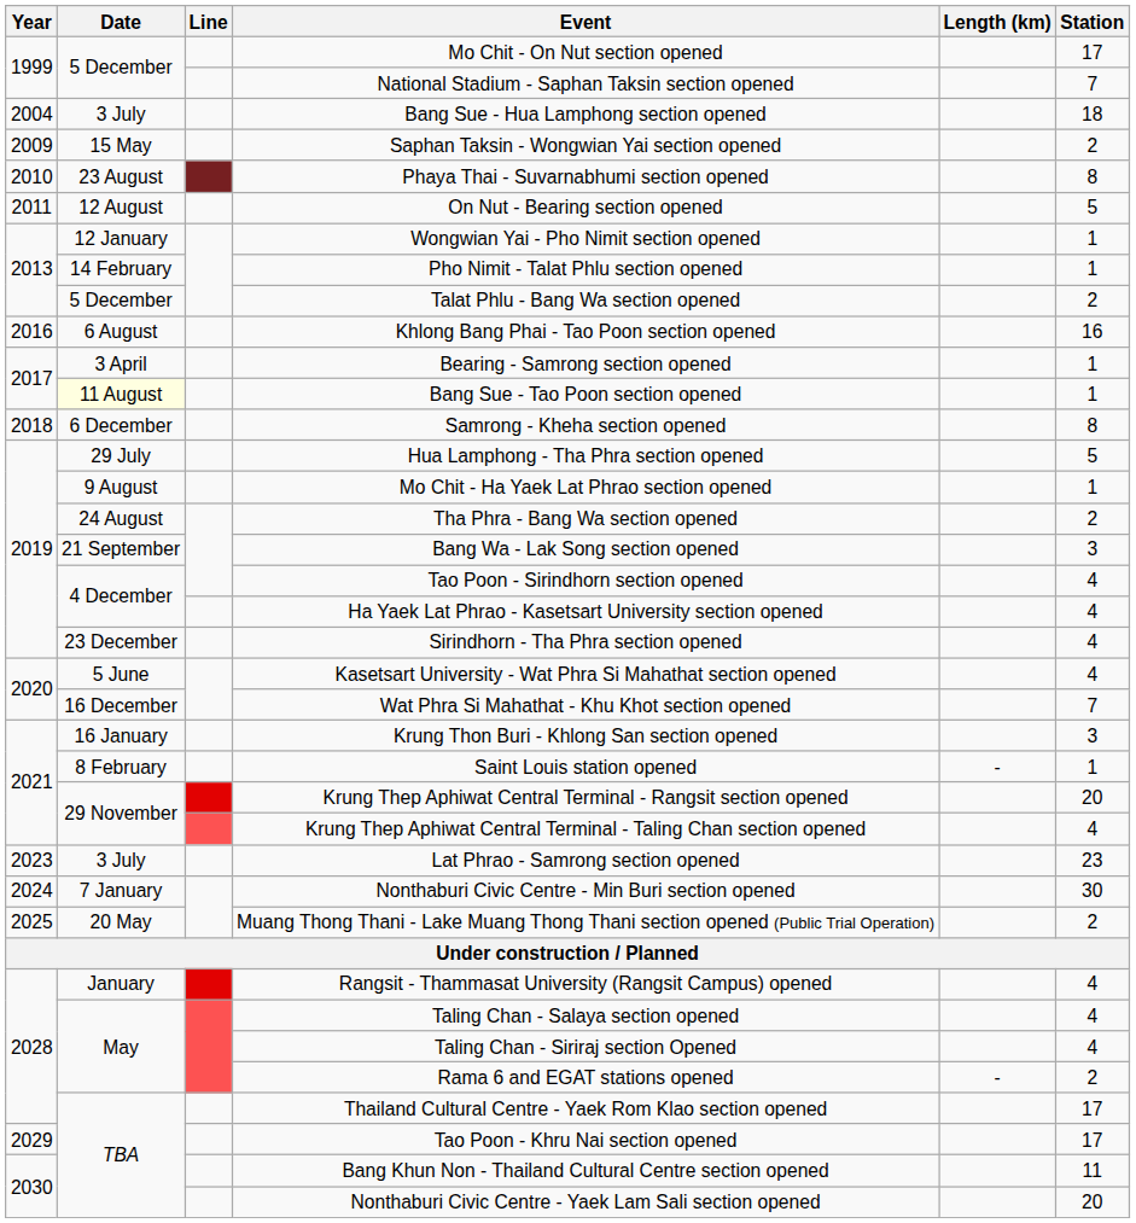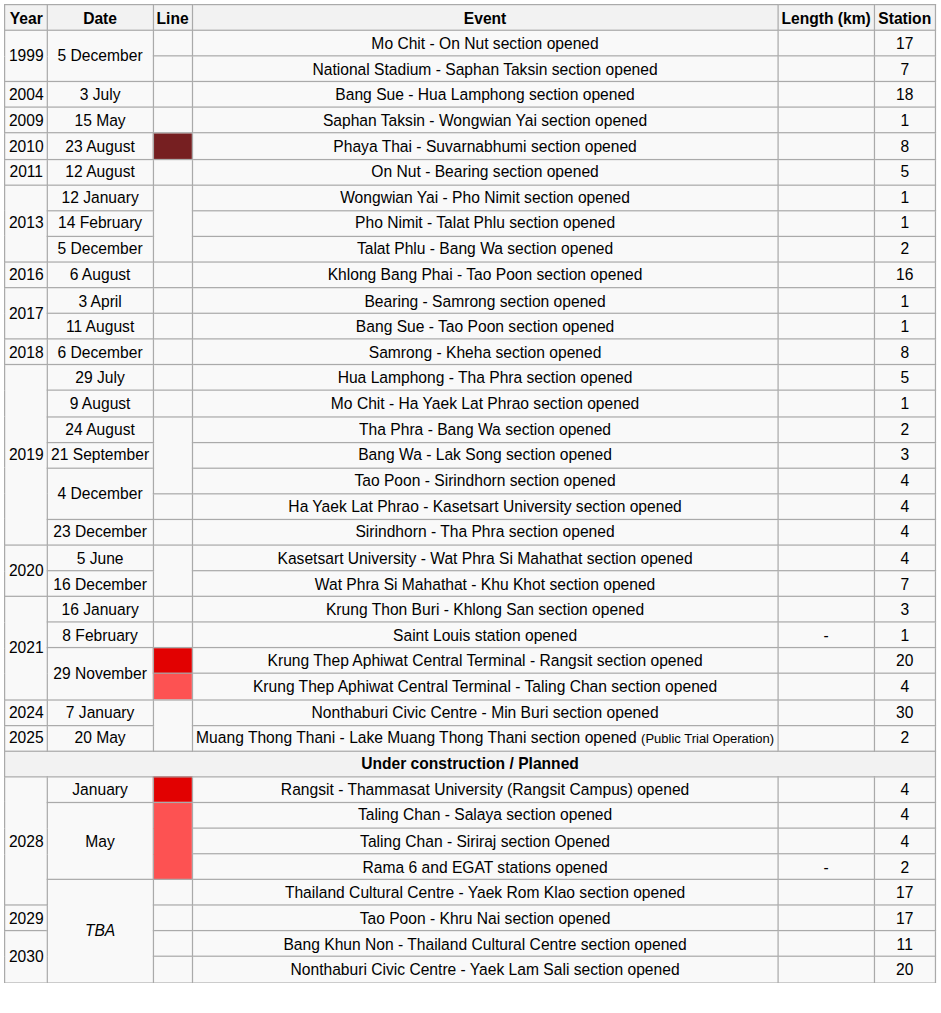 <table class="wikitable mw-collapsible mw-collapsed" style="margin:auto;font-align:center;text-align:center;font-size:80%;">
 <tr>
 <th>Year</th>
 <th>Date</th>
 <th>Line</th>
 <th>Event</th>
 <th>Length (km)</th>
 <th>Station</th>
 </tr>
 <tr>
 <td rowspan="2">1999</td>
 <td rowspan="2">5 December</td>
 <td style="background:#"><strong><a href='#'></a></strong></td>
 <td>Mo Chit - On Nut section opened</td>
 <td></td>
 <td>17</td>
 </tr>
 <tr>
 <td style="background:#"><strong><a href='#'></a></strong></td>
 <td>National Stadium - Saphan Taksin section opened</td>
 <td></td>
 <td>7</td>
 </tr>
 <tr>
 <td>2004</td>
 <td>3 July</td>
 <td style="background:#"><strong><a href='#'></a></strong></td>
 <td>Bang Sue - Hua Lamphong section opened</td>
 <td></td>
 <td>18</td>
 </tr>
 <tr>
 <td>2009</td>
 <td>15 May</td>
 <td style="background:#"><strong><a href='#'></a></strong></td>
 <td>Saphan Taksin - Wongwian Yai section opened</td>
 <td></td>
-<td>2</td>
+<td>1</td>
 </tr>
 <tr>
 <td>2010</td>
 <td>23 August</td>
 <td style="background:#761f21"><strong><a href='#'></a></strong></td>
 <td>Phaya Thai - Suvarnabhumi section opened</td>
 <td></td>
 <td>8</td>
 </tr>
 <tr>
 <td>2011</td>
 <td>12 August</td>
 <td style="background:#"><strong><a href='#'></a></strong></td>
 <td>On Nut - Bearing section opened</td>
 <td></td>
 <td>5</td>
 </tr>
 <tr>
 <td rowspan="3">2013</td>
 <td>12 January</td>
 <td rowspan="3" style="background:#"><strong><a href='#'></a></strong></td>
 <td>Wongwian Yai - Pho Nimit section opened</td>
 <td></td>
 <td>1</td>
 </tr>
 <tr>
 <td>14 February</td>
 <td>Pho Nimit - Talat Phlu section opened</td>
 <td></td>
 <td>1</td>
 </tr>
 <tr>
 <td>5 December</td>
 <td>Talat Phlu - Bang Wa section opened</td>
 <td></td>
 <td>2</td>
 </tr>
 <tr>
 <td>2016</td>
 <td>6 August</td>
 <td style="background:#"><strong><a href='#'></a></strong></td>
 <td>Khlong Bang Phai - Tao Poon section opened</td>
 <td></td>
 <td>16</td>
 </tr>
 <tr>
 <td rowspan="2">2017</td>
 <td>3 April</td>
 <td style="background:#"><strong><a href='#'></a></strong></td>
 <td>Bearing - Samrong section opened</td>
 <td></td>
 <td>1</td>
 </tr>
 <tr>
-<td style="background: lightyellow;">11 August</td>
+<td>11 August</td>
 <td style="background:#"><strong><a href='#'></a></strong></td>
 <td>Bang Sue - Tao Poon section opened</td>
 <td></td>
 <td>1</td>
 </tr>
 <tr>
 <td>2018</td>
 <td>6 December</td>
 <td style="background:#"><strong><a href='#'></a></strong></td>
 <td>Samrong - Kheha section opened</td>
 <td></td>
 <td>8</td>
 </tr>
 <tr>
 <td rowspan="7">2019</td>
 <td>29 July</td>
 <td style="background:#"><strong><a href='#'></a></strong></td>
 <td>Hua Lamphong - Tha Phra section opened</td>
 <td></td>
 <td>5</td>
 </tr>
 <tr>
 <td>9 August</td>
 <td style="background:#"><strong><a href='#'></a></strong></td>
 <td>Mo Chit - Ha Yaek Lat Phrao section opened</td>
 <td></td>
 <td>1</td>
 </tr>
 <tr>
 <td>24 August</td>
 <td rowspan="3" style="background:#"><strong><a href='#'></a></strong></td>
 <td>Tha Phra - Bang Wa section opened</td>
 <td></td>
 <td>2</td>
 </tr>
 <tr>
 <td>21 September</td>
 <td>Bang Wa - Lak Song section opened</td>
 <td></td>
 <td>3</td>
 </tr>
 <tr>
 <td rowspan="2">4 December</td>
 <td>Tao Poon - Sirindhorn section opened</td>
 <td></td>
 <td>4</td>
 </tr>
 <tr>
 <td style="background:#"><strong><a href='#'></a></strong></td>
 <td>Ha Yaek Lat Phrao - Kasetsart University section opened</td>
 <td></td>
 <td>4</td>
 </tr>
 <tr>
 <td>23 December</td>
 <td style="background:#"><strong><a href='#'></a></strong></td>
 <td>Sirindhorn - Tha Phra section opened</td>
 <td></td>
 <td>4</td>
 </tr>
 <tr>
 <td rowspan="2">2020</td>
 <td>5 June</td>
 <td rowspan="2" style="background:#"><strong><a href='#'></a></strong></td>
 <td>Kasetsart University - Wat Phra Si Mahathat section opened</td>
 <td></td>
 <td>4</td>
 </tr>
 <tr>
 <td>16 December</td>
 <td>Wat Phra Si Mahathat - Khu Khot section opened</td>
 <td></td>
 <td>7</td>
 </tr>
 <tr>
 <td rowspan="4">2021</td>
 <td>16 January</td>
 <td style="background:#"><strong><a href='#'></a></strong></td>
 <td>Krung Thon Buri - Khlong San section opened</td>
 <td></td>
 <td>3</td>
 </tr>
 <tr>
 <td>8 February</td>
 <td style="background:#"><strong><a href='#'></a></strong></td>
 <td>Saint Louis station opened</td>
 <td>-</td>
 <td>1</td>
 </tr>
 <tr>
 <td rowspan="2">29 November</td>
 <td style="background:#E20101"><strong><a href='#'></a></strong></td>
 <td>Krung Thep Aphiwat Central Terminal - Rangsit section opened</td>
 <td></td>
 <td>20</td>
 </tr>
 <tr>
 <td style="background:#FD5252"><strong><a href='#'></a></strong></td>
 <td>Krung Thep Aphiwat Central Terminal - Taling Chan section opened</td>
 <td></td>
 <td>4</td>
 </tr>
 <tr>
-<td>2023</td>
-<td>3 July</td>
-<td style="background:#"><strong><a href='#'></a></strong></td>
-<td>Lat Phrao - Samrong section opened</td>
-<td></td>
-<td>23</td>
-</tr>
-<tr>
 <td>2024</td>
 <td>7 January</td>
 <td rowspan="2" style="background:#"><strong><a href='#'></a></strong></td>
 <td>Nonthaburi Civic Centre - Min Buri section opened</td>
 <td></td>
 <td>30</td>
 </tr>
 <tr>
 <td>2025</td>
 <td>20 May</td>
 <td>Muang Thong Thani - Lake Muang Thong Thani section opened <small>(Public Trial Operation)</small></td>
 <td></td>
 <td>2</td>
 </tr>
 <tr>
 <th colspan="6">Under construction / Planned</th>
 </tr>
 <tr>
 <td rowspan="5">2028</td>
 <td>January</td>
 <td style="background:#E20101"><strong><a href='#'></a></strong></td>
 <td>Rangsit - Thammasat University (Rangsit Campus) opened</td>
 <td></td>
 <td>4</td>
 </tr>
 <tr>
 <td rowspan="3">May</td>
 <td rowspan="3" style="background:#FD5252"><strong><a href='#'></a></strong></td>
 <td>Taling Chan - Salaya section opened</td>
 <td></td>
 <td>4</td>
 </tr>
 <tr>
 <td>Taling Chan - Siriraj section Opened</td>
 <td></td>
 <td>4</td>
 </tr>
 <tr>
 <td>Rama 6 and EGAT stations opened</td>
 <td>-</td>
 <td>2</td>
 </tr>
 <tr>
 <td rowspan="4"><abbr><em>TBA</em></abbr></td>
 <td style="background:#"><strong><a href='#'></a></strong></td>
 <td>Thailand Cultural Centre - Yaek Rom Klao section opened</td>
 <td></td>
 <td>17</td>
 </tr>
 <tr>
 <td>2029</td>
 <td style="background:#"><strong><a href='#'></a></strong></td>
 <td>Tao Poon - Khru Nai section opened</td>
 <td></td>
 <td>17</td>
 </tr>
 <tr>
 <td rowspan="2">2030</td>
 <td style="background:#"><strong><a href='#'></a></strong></td>
 <td>Bang Khun Non - Thailand Cultural Centre section opened</td>
 <td></td>
 <td>11</td>
 </tr>
 <tr>
 <td style="background:#"><strong><a href='#'></a></strong></td>
 <td>Nonthaburi Civic Centre - Yaek Lam Sali section opened</td>
 <td></td>
 <td>20</td>
 </tr>
 </table>
